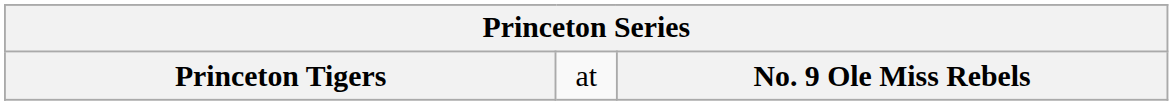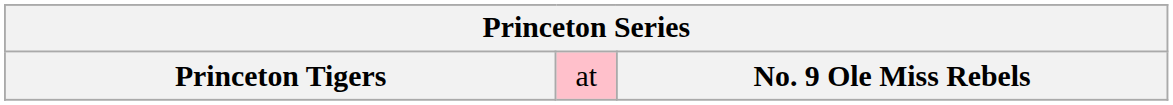 <table class="wikitable">
 <tr>
 <th style="width: 604px;" colspan=3>Princeton Series</th>
 </tr>
 <tr>
 <th style="width: 289px; ">Princeton Tigers</th>
-<td style="width: 25px; text-align:center">at</td>
+<td style="background: pink; width: 25px; text-align:center">at</td>
 <th style="width: 289px; ">No. 9 Ole Miss Rebels</th>
 </tr>
 </table>
